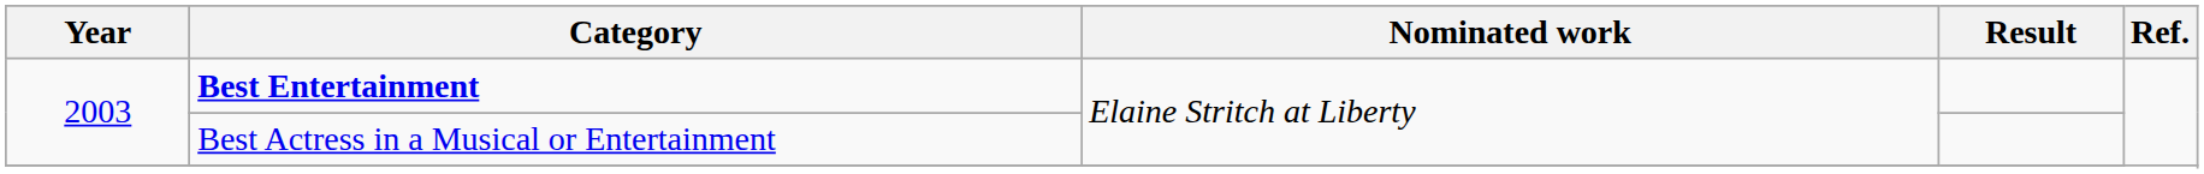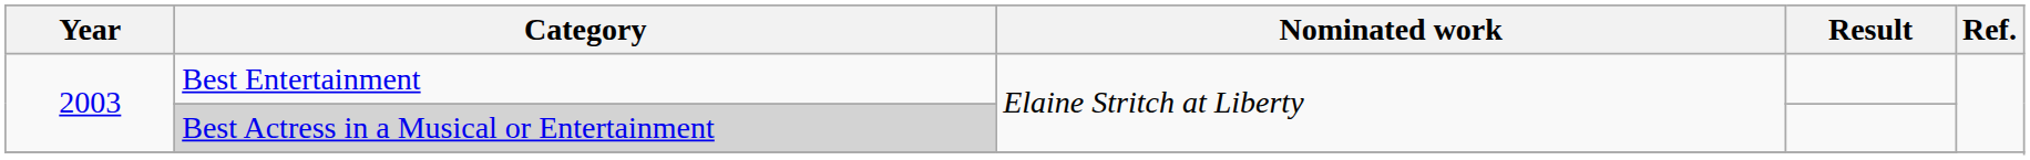 <table class=wikitable>
 <tr>
 <th scope="col" style="width:5em;">Year</th>
 <th scope="col" style="width:26em;">Category</th>
 <th scope="col" style="width:25em;">Nominated work</th>
 <th scope="col" style="width:5em;">Result</th>
 <th>Ref.</th>
 </tr>
 <tr>
 <td style="text-align:center;", rowspan="2"><a href='#'>2003</a></td>
-<td><strong><a href='#'>Best Entertainment</a></strong></td>
+<td><a href='#'>Best Entertainment</a></td>
 <td rowspan=2><em>Elaine Stritch at Liberty</em></td>
 <td></td>
 </tr>
 <tr>
-<td><a href='#'>Best Actress in a Musical or Entertainment</a></td>
+<td style="background: lightgrey;"><a href='#'>Best Actress in a Musical or Entertainment</a></td>
 <td></td>
 </tr>
 <tr>
 </tr>
 </table>
